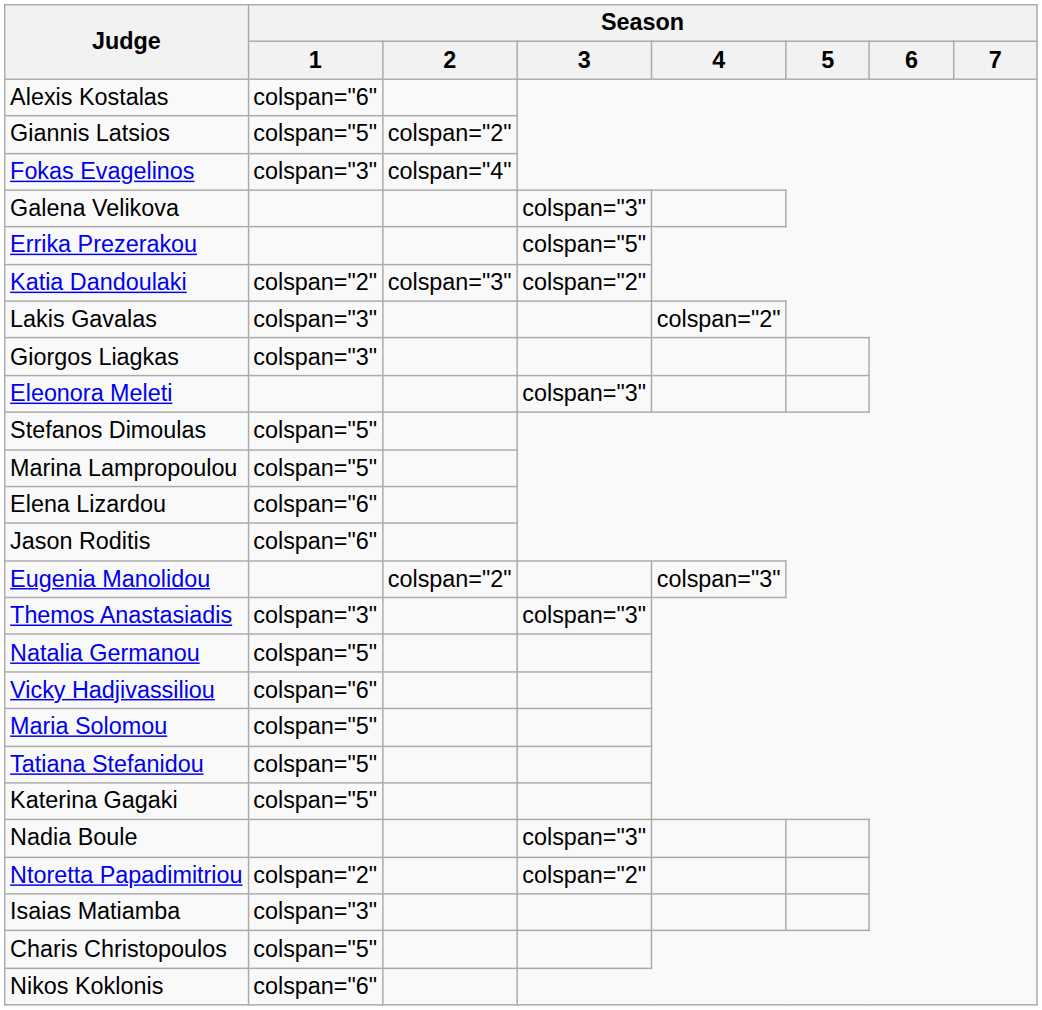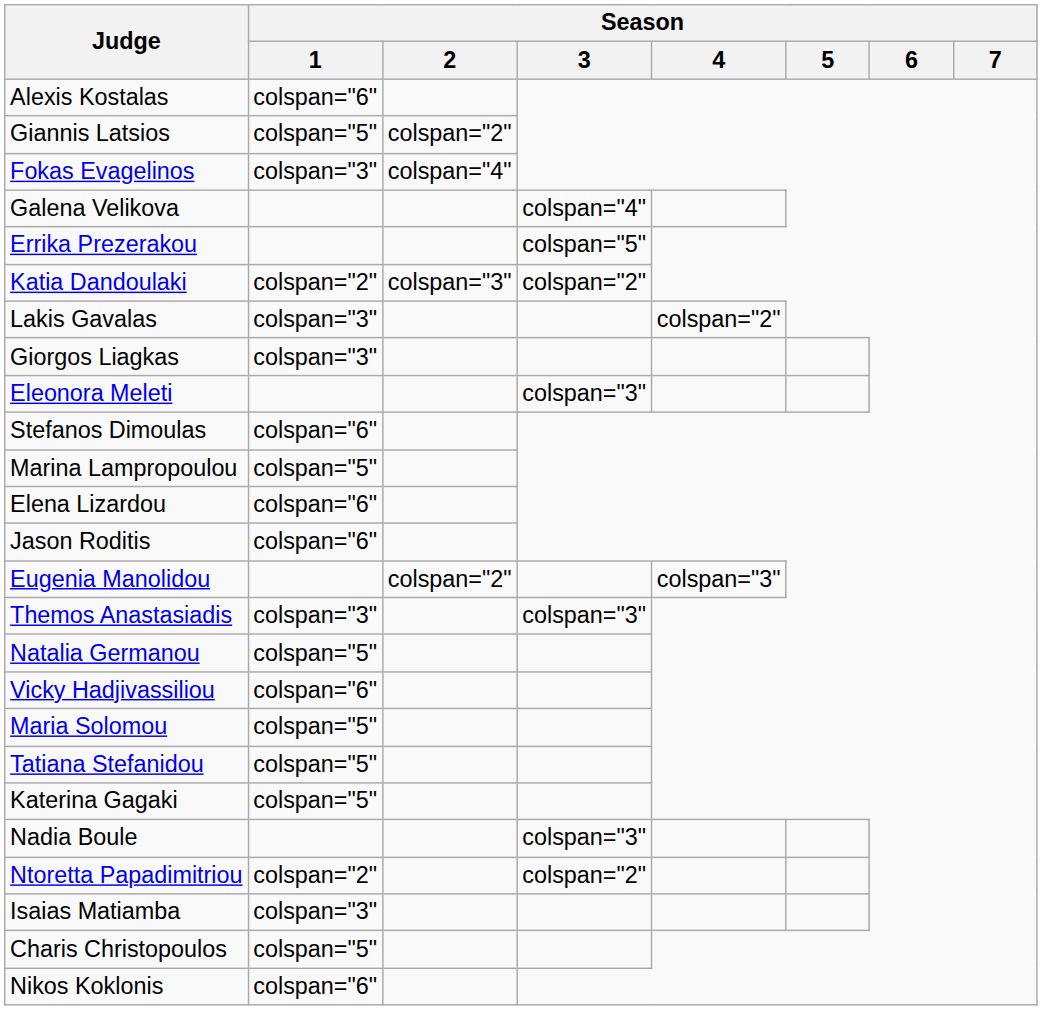 <table class="wikitable" style="margin:left;">
 <tr>
 <th rowspan="2">Judge</th>
 <th colspan="7">Season</th>
 </tr>
 <tr>
 <th width="50">1</th>
 <th width="50">2</th>
 <th width="50">3</th>
 <th width="50">4</th>
 <th width="50">5</th>
 <th width="50">6</th>
 <th width="50">7</th>
 </tr>
 <tr>
 <td>Alexis Kostalas</td>
 <td>colspan="6" </td>
 <td></td>
 </tr>
 <tr>
 <td>Giannis Latsios</td>
 <td>colspan="5" </td>
 <td>colspan="2" </td>
 </tr>
 <tr>
 <td><a href='#'>Fokas Evagelinos</a></td>
 <td>colspan="3" </td>
 <td>colspan="4" </td>
 </tr>
 <tr>
 <td>Galena Velikova</td>
 <td></td>
 <td></td>
-<td>colspan="3" </td>
+<td>colspan="4" </td>
 <td></td>
 </tr>
 <tr>
 <td><a href='#'>Errika Prezerakou</a></td>
 <td></td>
 <td></td>
 <td>colspan="5" </td>
 </tr>
 <tr>
 <td><a href='#'>Katia Dandoulaki</a></td>
 <td>colspan="2" </td>
 <td>colspan="3" </td>
 <td>colspan="2" </td>
 </tr>
 <tr>
 <td>Lakis Gavalas</td>
 <td>colspan="3" </td>
 <td></td>
 <td></td>
 <td>colspan="2" </td>
 </tr>
 <tr>
 <td>Giorgos Liagkas</td>
 <td>colspan="3" </td>
 <td></td>
 <td></td>
 <td></td>
 <td></td>
 </tr>
 <tr>
 <td><a href='#'>Eleonora Meleti</a></td>
 <td></td>
 <td></td>
 <td>colspan="3" </td>
 <td></td>
 <td></td>
 </tr>
 <tr>
 <td>Stefanos Dimoulas</td>
-<td>colspan="5" </td>
+<td>colspan="6" </td>
 <td></td>
 </tr>
 <tr>
 <td>Marina Lampropoulou</td>
 <td>colspan="5" </td>
 <td></td>
 </tr>
 <tr>
 <td>Elena Lizardou</td>
 <td>colspan="6" </td>
 <td></td>
 </tr>
 <tr>
 <td>Jason Roditis</td>
 <td>colspan="6" </td>
 <td></td>
 </tr>
 <tr>
 <td><a href='#'>Eugenia Manolidou</a></td>
 <td></td>
 <td>colspan="2" </td>
 <td></td>
 <td>colspan="3" </td>
 </tr>
 <tr>
 <td><a href='#'>Themos Anastasiadis</a></td>
 <td>colspan="3" </td>
 <td></td>
 <td>colspan="3" </td>
 </tr>
 <tr>
 <td><a href='#'>Natalia Germanou</a></td>
 <td>colspan="5" </td>
 <td></td>
 <td></td>
 </tr>
 <tr>
 <td><a href='#'>Vicky Hadjivassiliou</a></td>
 <td>colspan="6" </td>
 <td></td>
 <td></td>
 </tr>
 <tr>
 <td><a href='#'>Maria Solomou</a></td>
 <td>colspan="5" </td>
 <td></td>
 <td></td>
 </tr>
 <tr>
 <td><a href='#'>Tatiana Stefanidou</a></td>
 <td>colspan="5" </td>
 <td></td>
 <td></td>
 </tr>
 <tr>
 <td>Katerina Gagaki</td>
 <td>colspan="5" </td>
 <td></td>
 <td></td>
 </tr>
 <tr>
 <td>Nadia Boule</td>
 <td></td>
 <td></td>
 <td>colspan="3" </td>
 <td></td>
 <td></td>
 </tr>
 <tr>
 <td><a href='#'>Ntoretta Papadimitriou</a></td>
 <td>colspan="2" </td>
 <td></td>
 <td>colspan="2" </td>
 <td></td>
 <td></td>
 </tr>
 <tr>
 <td>Isaias Matiamba</td>
 <td>colspan="3" </td>
 <td></td>
 <td></td>
 <td></td>
 <td></td>
 </tr>
 <tr>
 <td>Charis Christopoulos</td>
 <td>colspan="5" </td>
 <td></td>
 <td></td>
 </tr>
 <tr>
 <td>Nikos Koklonis</td>
 <td>colspan="6" </td>
 <td></td>
 </tr>
 </table>
